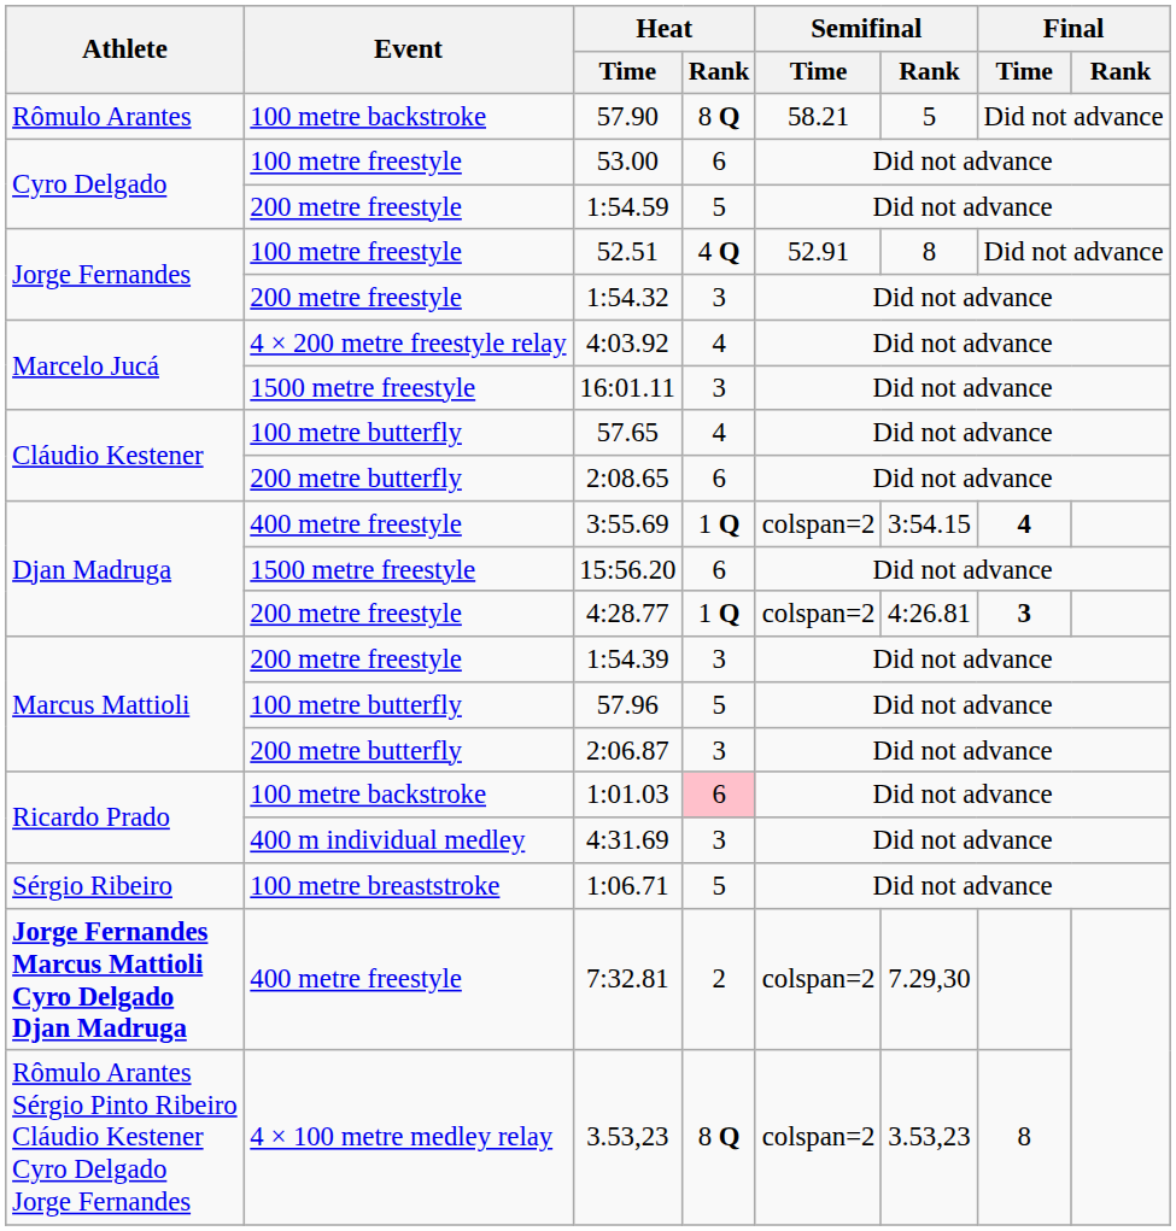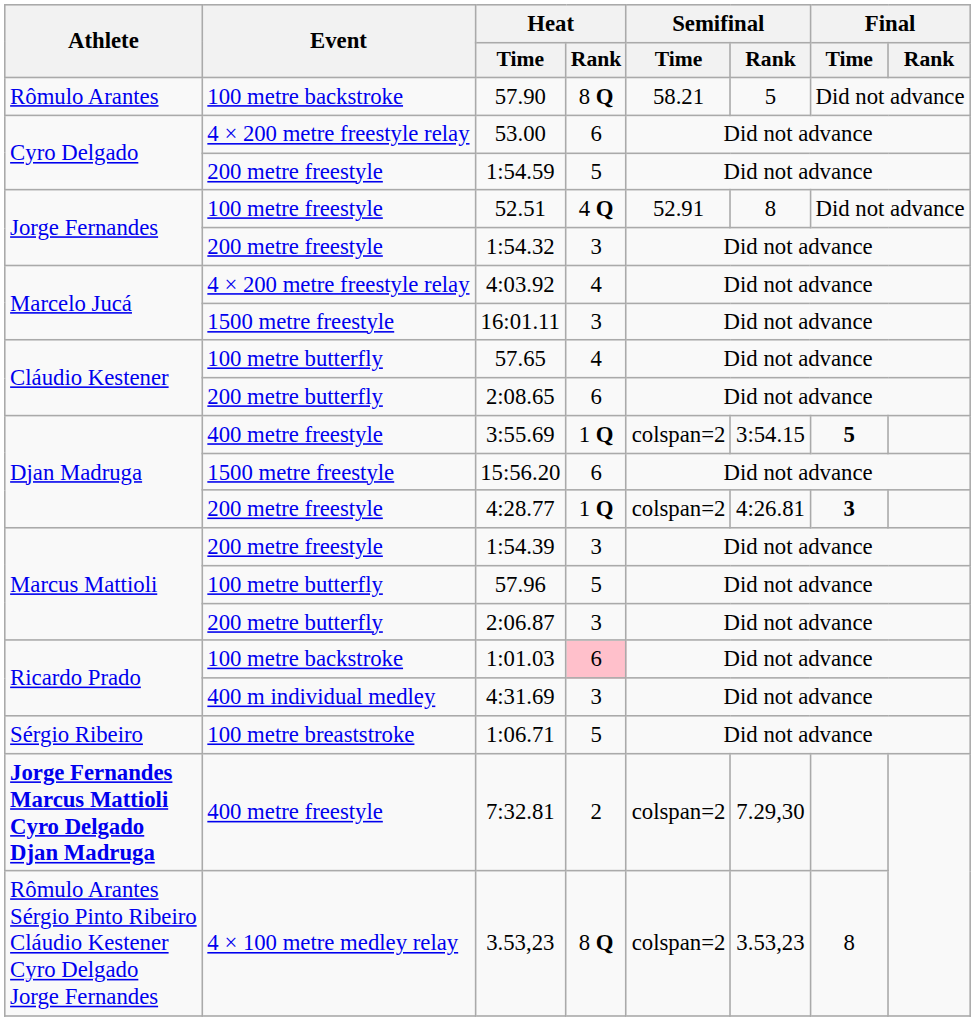 <table class=wikitable style="font-size:90%">
 <tr>
 <th rowspan="2">Athlete</th>
 <th rowspan="2">Event</th>
 <th colspan="2">Heat</th>
 <th colspan="2">Semifinal</th>
 <th colspan="2">Final</th>
 </tr>
 <tr style="font-size:95%">
 <th>Time</th>
 <th>Rank</th>
 <th>Time</th>
 <th>Rank</th>
 <th>Time</th>
 <th>Rank</th>
 </tr>
 <tr align=center>
 <td style="text-align:left;" rowspan="1"><a href='#'>Rômulo Arantes</a></td>
 <td style="text-align:left;"><a href='#'>100 metre backstroke</a></td>
 <td>57.90</td>
 <td>8 <strong>Q</strong></td>
 <td>58.21</td>
 <td>5</td>
 <td colspan=4>Did not advance</td>
 </tr>
 <tr align=center>
 <td style="text-align:left;" rowspan="2"><a href='#'>Cyro Delgado</a></td>
-<td style="text-align:left;"><a href='#'>100 metre freestyle</a></td>
+<td align=left><a href='#'>4 × 200 metre freestyle relay</a></td>
 <td>53.00</td>
 <td>6</td>
 <td colspan=4>Did not advance</td>
 </tr>
 <tr align=center>
 <td style="text-align:left;"><a href='#'>200 metre freestyle</a></td>
 <td>1:54.59</td>
 <td>5</td>
 <td colspan=4>Did not advance</td>
 </tr>
 <tr align=center>
 <td style="text-align:left;" rowspan="2"><a href='#'>Jorge Fernandes</a></td>
 <td style="text-align:left;"><a href='#'>100 metre freestyle</a></td>
 <td>52.51</td>
 <td>4 <strong>Q</strong></td>
 <td>52.91</td>
 <td>8</td>
 <td colspan=2>Did not advance</td>
 </tr>
 <tr align=center>
 <td style="text-align:left;"><a href='#'>200 metre freestyle</a></td>
 <td>1:54.32</td>
 <td>3</td>
 <td colspan=4>Did not advance</td>
 </tr>
 <tr align=center>
 <td style="text-align:left;" rowspan="2"><a href='#'>Marcelo Jucá</a></td>
 <td align=left><a href='#'>4 × 200 metre freestyle relay</a></td>
 <td>4:03.92</td>
 <td>4</td>
 <td colspan=4>Did not advance</td>
 </tr>
 <tr align=center>
 <td style="text-align:left;"><a href='#'>1500 metre freestyle</a></td>
 <td>16:01.11</td>
 <td>3</td>
 <td colspan=4>Did not advance</td>
 </tr>
 <tr align=center>
 <td style="text-align:left;" rowspan="2"><a href='#'>Cláudio Kestener</a></td>
 <td style="text-align:left;"><a href='#'>100 metre butterfly</a></td>
 <td>57.65</td>
 <td>4</td>
 <td colspan=4>Did not advance</td>
 </tr>
 <tr align=center>
 <td style="text-align:left;"><a href='#'>200 metre butterfly</a></td>
 <td>2:08.65</td>
 <td>6</td>
 <td colspan=4>Did not advance</td>
 </tr>
 <tr align=center>
 <td style="text-align:left;" rowspan="3"><a href='#'>Djan Madruga</a></td>
 <td style="text-align:left;"><a href='#'>400 metre freestyle</a></td>
 <td>3:55.69</td>
 <td>1 <strong>Q</strong></td>
 <td>colspan=2 </td>
 <td>3:54.15</td>
-<td><strong>4</strong></td>
+<td><strong>5</strong></td>
 </tr>
 <tr align=center>
 <td style="text-align:left;"><a href='#'>1500 metre freestyle</a></td>
 <td>15:56.20</td>
 <td>6</td>
 <td colspan=4>Did not advance</td>
 </tr>
 <tr align=center>
 <td style="text-align:left;"><a href='#'>200 metre freestyle</a></td>
 <td>4:28.77</td>
 <td>1 <strong>Q</strong></td>
 <td>colspan=2 </td>
 <td>4:26.81</td>
 <td><strong>3</strong></td>
 </tr>
 <tr align=center>
 <td style="text-align:left;" rowspan="3"><a href='#'>Marcus Mattioli</a></td>
 <td style="text-align:left;"><a href='#'>200 metre freestyle</a></td>
 <td>1:54.39</td>
 <td>3</td>
 <td colspan=4>Did not advance</td>
 </tr>
 <tr align=center>
 <td style="text-align:left;"><a href='#'>100 metre butterfly</a></td>
 <td>57.96</td>
 <td>5</td>
 <td colspan=4>Did not advance</td>
 </tr>
 <tr align=center>
 <td style="text-align:left;"><a href='#'>200 metre butterfly</a></td>
 <td>2:06.87</td>
 <td>3</td>
 <td colspan=4>Did not advance</td>
 </tr>
 <tr align=center>
 <td style="text-align:left;" rowspan="2"><a href='#'>Ricardo Prado</a></td>
 <td style="text-align:left;"><a href='#'>100 metre backstroke</a></td>
 <td>1:01.03</td>
 <td style="background: pink;">6</td>
 <td colspan=4>Did not advance</td>
 </tr>
 <tr align=center>
 <td style="text-align:left;"><a href='#'>400 m individual medley</a></td>
 <td>4:31.69</td>
 <td>3</td>
 <td colspan=4>Did not advance</td>
 </tr>
 <tr align=center>
 <td style="text-align:left;" rowspan="1"><a href='#'>Sérgio Ribeiro</a></td>
 <td align=left><a href='#'>100 metre breaststroke</a></td>
 <td>1:06.71</td>
 <td>5</td>
 <td colspan=4>Did not advance</td>
 </tr>
 <tr align=center>
 <td style="text-align:left;" rowspan="1"><strong><a href='#'>Jorge Fernandes</a><br><a href='#'>Marcus Mattioli</a><br><a href='#'>Cyro Delgado</a><br><a href='#'>Djan Madruga</a></strong></td>
 <td style="text-align:left;"><a href='#'>400 metre freestyle</a></td>
 <td>7:32.81</td>
 <td>2</td>
 <td>colspan=2 </td>
 <td>7.29,30</td>
 <td></td>
 </tr>
 <tr align=center>
 <td style="text-align:left;" rowspan="1"><a href='#'>Rômulo Arantes</a><br><a href='#'>Sérgio Pinto Ribeiro</a><br><a href='#'>Cláudio Kestener</a><br><a href='#'>Cyro Delgado</a><br><a href='#'>Jorge Fernandes</a></td>
 <td align=left><a href='#'>4 × 100 metre medley relay</a></td>
 <td>3.53,23</td>
 <td>8 <strong>Q</strong></td>
 <td>colspan=2 </td>
 <td>3.53,23</td>
 <td>8</td>
 </tr>
 </table>
